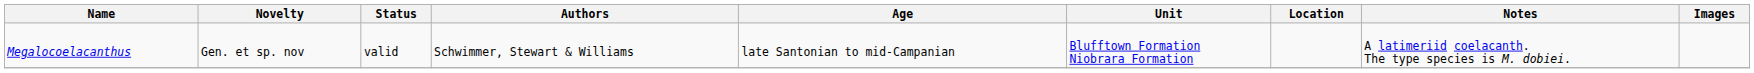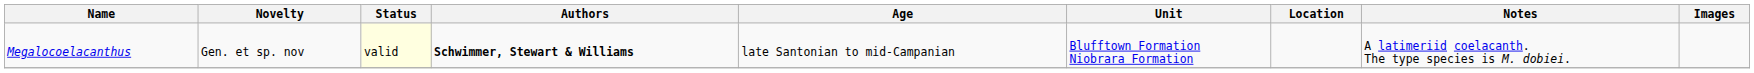 <table class="wikitable sortable" align="center" width="100%">
 <tr>
 <th>Name</th>
 <th>Novelty</th>
 <th>Status</th>
 <th>Authors</th>
 <th>Age</th>
 <th>Unit</th>
 <th>Location</th>
 <th>Notes</th>
 <th>Images</th>
 </tr>
 <tr>
 <td><br><em><a href='#'>Megalocoelacanthus</a></em></td>
 <td><br>Gen. et sp. nov</td>
-<td><br>valid</td>
-<td><br>Schwimmer, Stewart & Williams</td>
+<td style="background: lightyellow;"><br>valid</td>
+<td><strong><br>Schwimmer, Stewart & Williams</strong></td>
 <td><br>late Santonian to mid-Campanian</td>
 <td><br><a href='#'>Blufftown Formation</a><br> <a href='#'>Niobrara Formation</a></td>
 <td><br></td>
 <td><br>A <a href='#'>latimeriid</a> <a href='#'>coelacanth</a>. <br>The type species is <em>M. dobiei</em>.</td>
 <td></td>
 </tr>
 <tr>
 </tr>
 </table>
